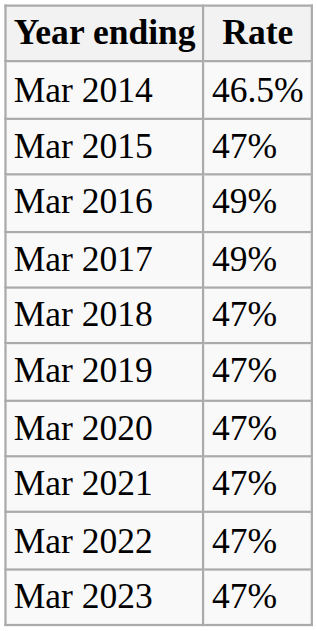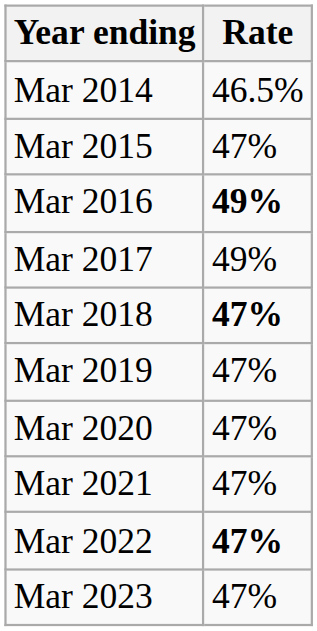 <table class="wikitable" align="right">
 <tr>
 <th>Year ending</th>
 <th>Rate</th>
 </tr>
 <tr>
 <td>Mar 2014</td>
 <td>46.5%</td>
 </tr>
 <tr>
 <td>Mar 2015</td>
 <td>47%</td>
 </tr>
 <tr>
 <td>Mar 2016</td>
-<td>49%</td>
+<td><strong>49%</strong></td>
 </tr>
 <tr>
 <td>Mar 2017</td>
 <td>49%</td>
 </tr>
 <tr>
 <td>Mar 2018</td>
-<td>47%</td>
+<td><strong>47%</strong></td>
 </tr>
 <tr>
 <td>Mar 2019</td>
 <td>47%</td>
 </tr>
 <tr>
 <td>Mar 2020</td>
 <td>47%</td>
 </tr>
 <tr>
 <td>Mar 2021</td>
 <td>47%</td>
 </tr>
 <tr>
 <td>Mar 2022</td>
-<td>47%</td>
+<td><strong>47%</strong></td>
 </tr>
 <tr>
 <td>Mar 2023</td>
 <td>47%</td>
 </tr>
 </table>
